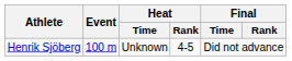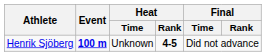 <table class=wikitable style=font-size:90%;text-align:center>
 <tr>
 <th rowspan=2>Athlete</th>
 <th rowspan=2>Event</th>
 <th colspan=2>Heat</th>
 <th colspan=2>Final</th>
 </tr>
 <tr style=font-size:95%>
 <th>Time</th>
 <th>Rank</th>
 <th>Time</th>
 <th>Rank</th>
 </tr>
 <tr>
 <td align=left><a href='#'>Henrik Sjöberg</a></td>
-<td align=left><a href='#'>100 m</a></td>
+<td align=left><strong><a href='#'>100 m</a></strong></td>
 <td>Unknown</td>
-<td>4-5</td>
+<td><strong>4-5</strong></td>
 <td colspan=2>Did not advance</td>
 </tr>
 </table>
